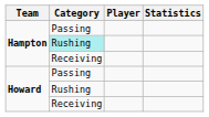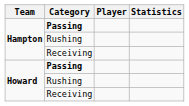 <table class="wikitable" style="float: right;">
 <tr>
 <th>Team</th>
 <th>Category</th>
 <th>Player</th>
 <th>Statistics</th>
 </tr>
 <tr>
 <td rowspan=3><strong>Hampton</strong></td>
-<td>Passing</td>
+<td><strong>Passing</strong></td>
 <td></td>
 <td></td>
 </tr>
 <tr>
-<td style="background: paleturquoise;">Rushing</td>
+<td>Rushing</td>
 <td></td>
 <td></td>
 </tr>
 <tr>
 <td>Receiving</td>
 <td></td>
 <td></td>
 </tr>
 <tr>
 <td rowspan=3><strong>Howard</strong></td>
-<td>Passing</td>
+<td><strong>Passing</strong></td>
 <td></td>
 <td></td>
 </tr>
 <tr>
 <td>Rushing</td>
 <td></td>
 <td></td>
 </tr>
 <tr>
 <td>Receiving</td>
 <td></td>
 <td></td>
 </tr>
 </table>
